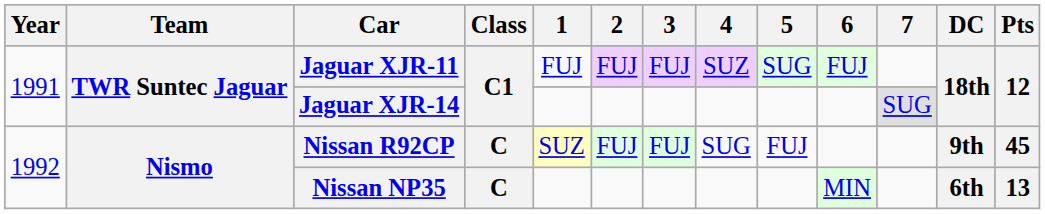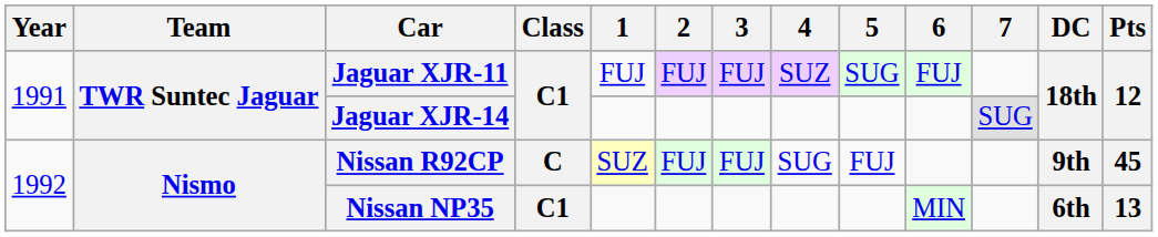 <table class="wikitable" style="text-align:center; font-size:90%">
 <tr>
 <th>Year</th>
 <th>Team</th>
 <th>Car</th>
 <th>Class</th>
 <th>1</th>
 <th>2</th>
 <th>3</th>
 <th>4</th>
 <th>5</th>
 <th>6</th>
 <th>7</th>
 <th>DC</th>
 <th>Pts</th>
 </tr>
 <tr>
 <td rowspan="2"><a href='#'>1991</a></td>
 <th rowspan="2"><a href='#'>TWR</a> Suntec <a href='#'>Jaguar</a></th>
 <th><a href='#'>Jaguar XJR-11</a></th>
 <th rowspan="2">C1</th>
 <td><a href='#'>FUJ</a></td>
 <td style="background:#EFCFFF;"><a href='#'>FUJ</a><br></td>
 <td style="background:#EFCFFF;"><a href='#'>FUJ</a><br></td>
 <td style="background:#EFCFFF;"><a href='#'>SUZ</a><br></td>
 <td style="background:#DFFFDF;"><a href='#'>SUG</a><br></td>
 <td style="background:#DFFFDF;"><a href='#'>FUJ</a><br></td>
 <td></td>
 <th rowspan="2">18th</th>
 <th rowspan="2">12</th>
 </tr>
 <tr>
 <th><a href='#'>Jaguar XJR-14</a></th>
 <td></td>
 <td></td>
 <td></td>
 <td></td>
 <td></td>
 <td></td>
 <td style="background:#DFDFDF;"><a href='#'>SUG</a><br></td>
 </tr>
 <tr>
 <td rowspan="2"><a href='#'>1992</a></td>
 <th rowspan="2"><a href='#'>Nismo</a></th>
 <th><a href='#'>Nissan R92CP</a></th>
 <th>C</th>
 <td style="background:#FFFFBF;"><a href='#'>SUZ</a><br></td>
 <td style="background:#DFFFDF;"><a href='#'>FUJ</a><br></td>
 <td style="background:#DFFFDF;"><a href='#'>FUJ</a><br></td>
 <td><a href='#'>SUG</a></td>
 <td><a href='#'>FUJ</a></td>
 <td></td>
 <td></td>
 <th>9th</th>
 <th>45</th>
 </tr>
 <tr>
 <th><a href='#'>Nissan NP35</a></th>
-<th>C</th>
+<th>C1</th>
 <td></td>
 <td></td>
 <td></td>
 <td></td>
 <td></td>
 <td style="background:#DFFFDF;"><a href='#'>MIN</a><br></td>
 <td></td>
 <th>6th</th>
 <th>13</th>
 </tr>
 </table>
